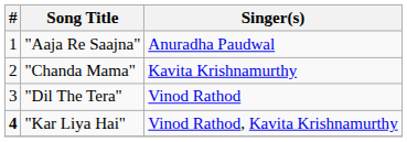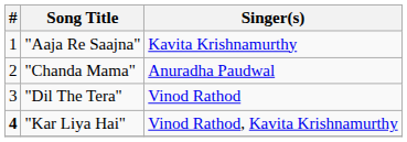 <table class="wikitable">
 <tr>
 <th>#</th>
 <th>Song Title</th>
 <th>Singer(s)</th>
 </tr>
 <tr>
 <td>1</td>
 <td>"Aaja Re Saajna"</td>
-<td><a href='#'>Anuradha Paudwal</a></td>
+<td><a href='#'>Kavita Krishnamurthy</a></td>
 </tr>
 <tr>
 <td>2</td>
 <td>"Chanda Mama"</td>
-<td><a href='#'>Kavita Krishnamurthy</a></td>
+<td><a href='#'>Anuradha Paudwal</a></td>
 </tr>
 <tr>
 <td>3</td>
 <td>"Dil The Tera"</td>
 <td><a href='#'>Vinod Rathod</a></td>
 </tr>
 <tr>
 <td><strong>4</strong></td>
 <td>"Kar Liya Hai"</td>
 <td><a href='#'>Vinod Rathod</a>, <a href='#'>Kavita Krishnamurthy</a></td>
 </tr>
 <tr>
 </tr>
 </table>
